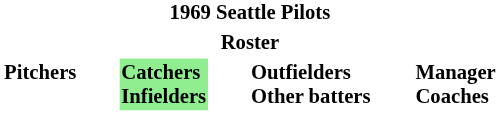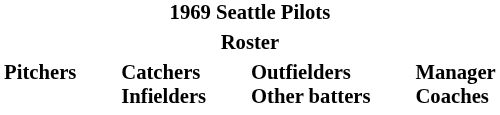 <table class="toccolours" style="font-size: 95%;">
 <tr>
 <th colspan="10" style="text-align:center; ">1969 Seattle Pilots</th>
 </tr>
 <tr>
 <td colspan="10" style="text-align:center; "><strong>Roster</strong></td>
 </tr>
 <tr>
 <td valign="top"><strong>Pitchers</strong><br>                        </td>
 <td width="25px"></td>
-<td valign="top" style="background: lightgreen;"><strong>Catchers</strong><br>     <strong>Infielders</strong>           </td>
+<td valign="top"><strong>Catchers</strong><br>     <strong>Infielders</strong>           </td>
 <td width="25px"></td>
 <td valign="top"><strong>Outfielders</strong><br>           <strong>Other batters</strong> </td>
 <td width="25px"></td>
 <td valign="top"><strong>Manager</strong><br> <strong>Coaches</strong>     </td>
 </tr>
 <tr>
 </tr>
 </table>
